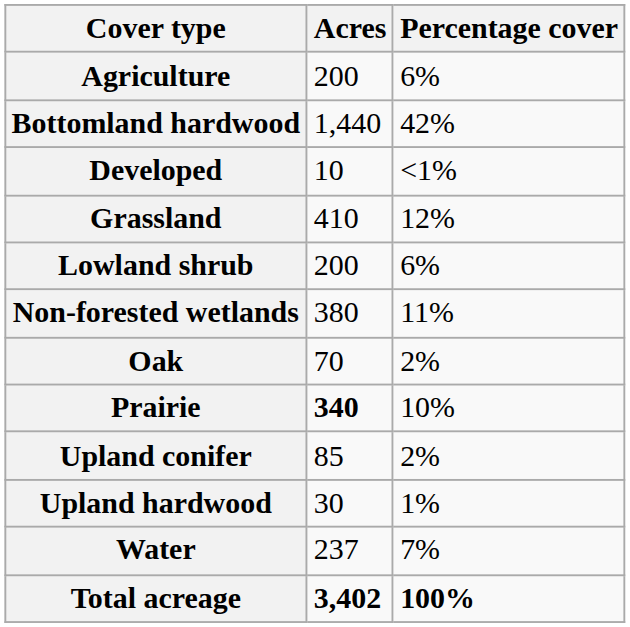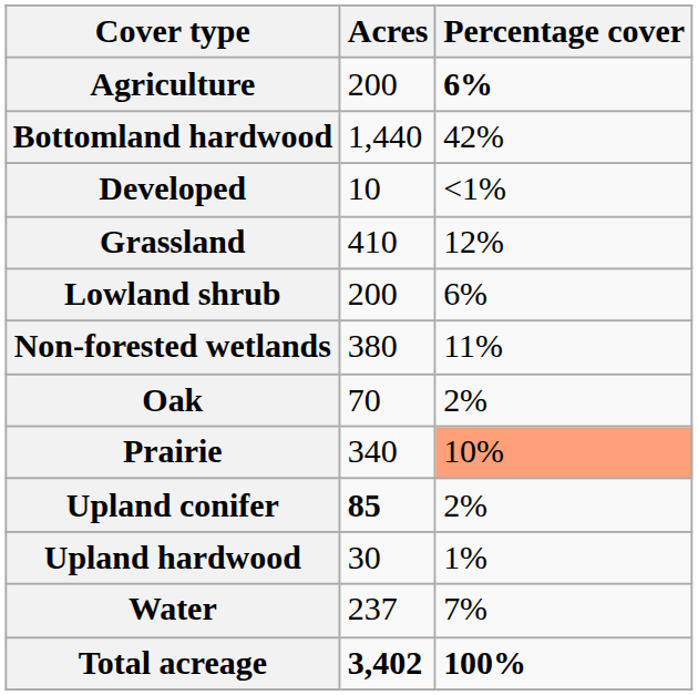 <table class="wikitable" style="margin-left: auto; margin-right: auto; border: none;">
 <tr>
 <th>Cover type</th>
 <th>Acres</th>
 <th>Percentage cover</th>
 </tr>
 <tr>
 <th>Agriculture</th>
 <td>200</td>
-<td>6%</td>
+<td><strong>6%</strong></td>
 </tr>
 <tr>
 <th>Bottomland hardwood</th>
 <td>1,440</td>
 <td>42%</td>
 </tr>
 <tr>
 <th>Developed</th>
 <td>10</td>
 <td><1%</td>
 </tr>
 <tr>
 <th>Grassland</th>
 <td>410</td>
 <td>12%</td>
 </tr>
 <tr>
 <th>Lowland shrub</th>
 <td>200</td>
 <td>6%</td>
 </tr>
 <tr>
 <th>Non-forested wetlands</th>
 <td>380</td>
 <td>11%</td>
 </tr>
 <tr>
 <th>Oak</th>
 <td>70</td>
 <td>2%</td>
 </tr>
 <tr>
 <th>Prairie</th>
-<td><strong>340</strong></td>
-<td>10%</td>
+<td>340</td>
+<td style="background: lightsalmon;">10%</td>
 </tr>
 <tr>
 <th>Upland conifer</th>
-<td>85</td>
+<td><strong>85</strong></td>
 <td>2%</td>
 </tr>
 <tr>
 <th>Upland hardwood</th>
 <td>30</td>
 <td>1%</td>
 </tr>
 <tr>
 <th>Water</th>
 <td>237</td>
 <td>7%</td>
 </tr>
 <tr>
 <th>Total acreage</th>
 <td><strong>3,402</strong></td>
 <td><strong>100%</strong></td>
 </tr>
 <tr>
 </tr>
 </table>
